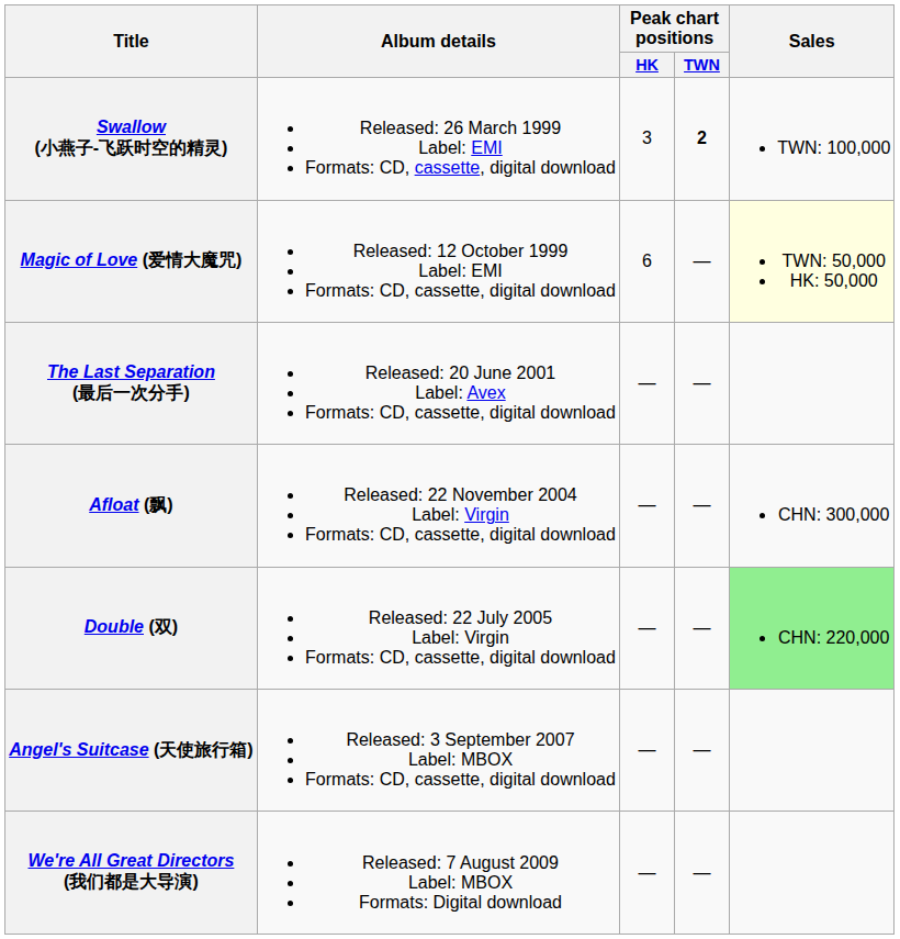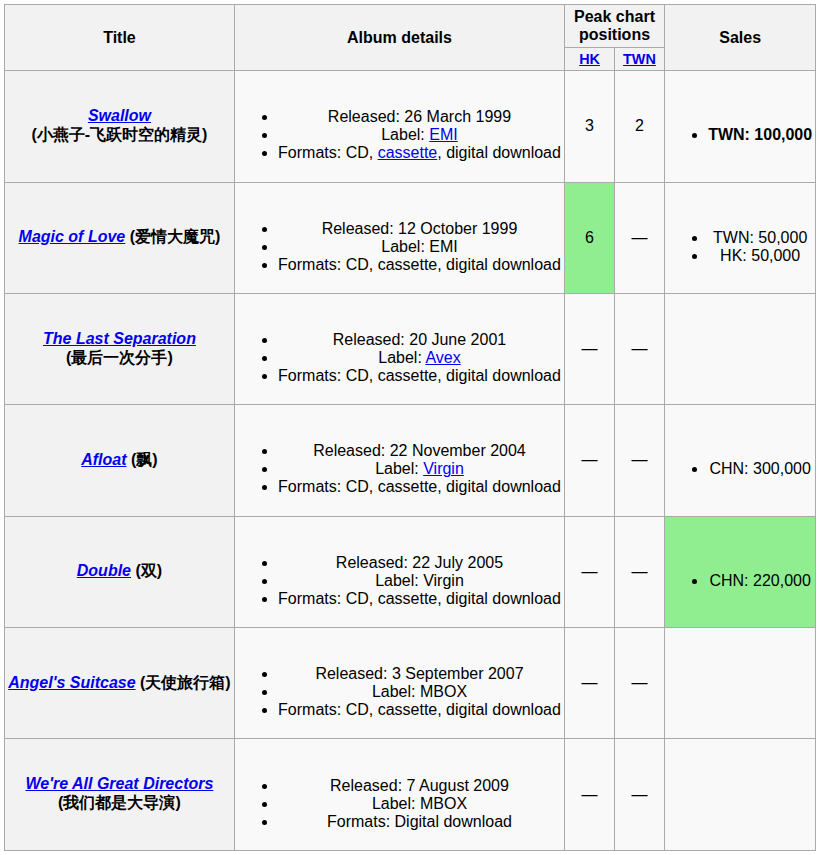 <table class="wikitable plainrowheaders" style="text-align:center;">
 <tr>
 <th rowspan="2">Title</th>
 <th rowspan="2">Album details</th>
 <th colspan="2">Peak chart positions</th>
 <th rowspan="2">Sales</th>
 </tr>
 <tr>
 <th scope="col" style="width:3em;font-size:90%;"><a href='#'>HK</a><br></th>
 <th scope="col" style="width:3em;font-size:90%;"><a href='#'>TWN</a><br></th>
 </tr>
 <tr>
 <th scope="row"><em><a href='#'>Swallow</a></em><br>(小燕子-飞跃时空的精灵)</th>
 <td><br><ul><li>Released: 26 March 1999</li><li>Label: <a href='#'>EMI</a></li><li>Formats: CD, <a href='#'>cassette</a>, digital download</li></ul></td>
 <td>3</td>
-<td><strong>2</strong></td>
-<td><br><ul><li>TWN: 100,000</li></ul></td>
+<td>2</td>
+<td><strong><br><ul><li>TWN: 100,000</li></ul></strong></td>
 </tr>
 <tr>
 <th scope="row"><em><a href='#'>Magic of Love</a></em> (爱情大魔咒)</th>
 <td><br><ul><li>Released: 12 October 1999</li><li>Label: EMI</li><li>Formats: CD, cassette, digital download</li></ul></td>
-<td>6</td>
+<td style="background: lightgreen;">6</td>
 <td>—</td>
-<td style="background: lightyellow;"><br><ul><li>TWN: 50,000</li><li>HK: 50,000</li></ul></td>
+<td><br><ul><li>TWN: 50,000</li><li>HK: 50,000</li></ul></td>
 </tr>
 <tr>
 <th scope="row"><em><a href='#'>The Last Separation</a></em><br>(最后一次分手)</th>
 <td><br><ul><li>Released: 20 June 2001</li><li>Label: <a href='#'>Avex</a></li><li>Formats: CD, cassette, digital download</li></ul></td>
 <td>—</td>
 <td>—</td>
 <td></td>
 </tr>
 <tr>
 <th scope="row"><em><a href='#'>Afloat</a></em> (飘)</th>
 <td><br><ul><li>Released: 22 November 2004</li><li>Label: <a href='#'>Virgin</a></li><li>Formats: CD, cassette, digital download</li></ul></td>
 <td>—</td>
 <td>—</td>
 <td><br><ul><li>CHN: 300,000</li></ul></td>
 </tr>
 <tr>
 <th scope="row"><em><a href='#'>Double</a></em> (双)</th>
 <td><br><ul><li>Released: 22 July 2005</li><li>Label: Virgin</li><li>Formats: CD, cassette, digital download</li></ul></td>
 <td>—</td>
 <td>—</td>
 <td style="background: lightgreen;"><br><ul><li>CHN: 220,000</li></ul></td>
 </tr>
 <tr>
 <th scope="row"><em><a href='#'>Angel's Suitcase</a></em> (天使旅行箱)</th>
 <td><br><ul><li>Released: 3 September 2007</li><li>Label: MBOX</li><li>Formats: CD, cassette, digital download</li></ul></td>
 <td>—</td>
 <td>—</td>
 <td></td>
 </tr>
 <tr>
 <th scope="row"><em><a href='#'>We're All Great Directors</a></em><br>(我们都是大导演)</th>
 <td><br><ul><li>Released: 7 August 2009</li><li>Label: MBOX</li><li>Formats: Digital download</li></ul></td>
 <td>—</td>
 <td>—</td>
 <td></td>
 </tr>
 </table>
